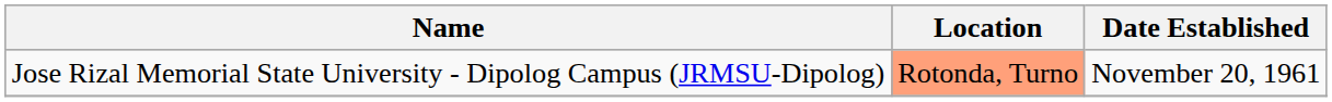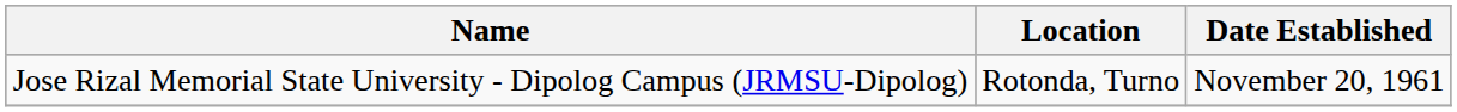 <table class = "wikitable">
 <tr>
 <th>Name</th>
 <th>Location</th>
 <th>Date Established</th>
 </tr>
 <tr>
 <td>Jose Rizal Memorial State University - Dipolog Campus (<a href='#'>JRMSU</a>-Dipolog)</td>
-<td style="background: lightsalmon;">Rotonda, Turno</td>
+<td>Rotonda, Turno</td>
 <td>November 20, 1961 </td>
 </tr>
 <tr>
 </tr>
 </table>
